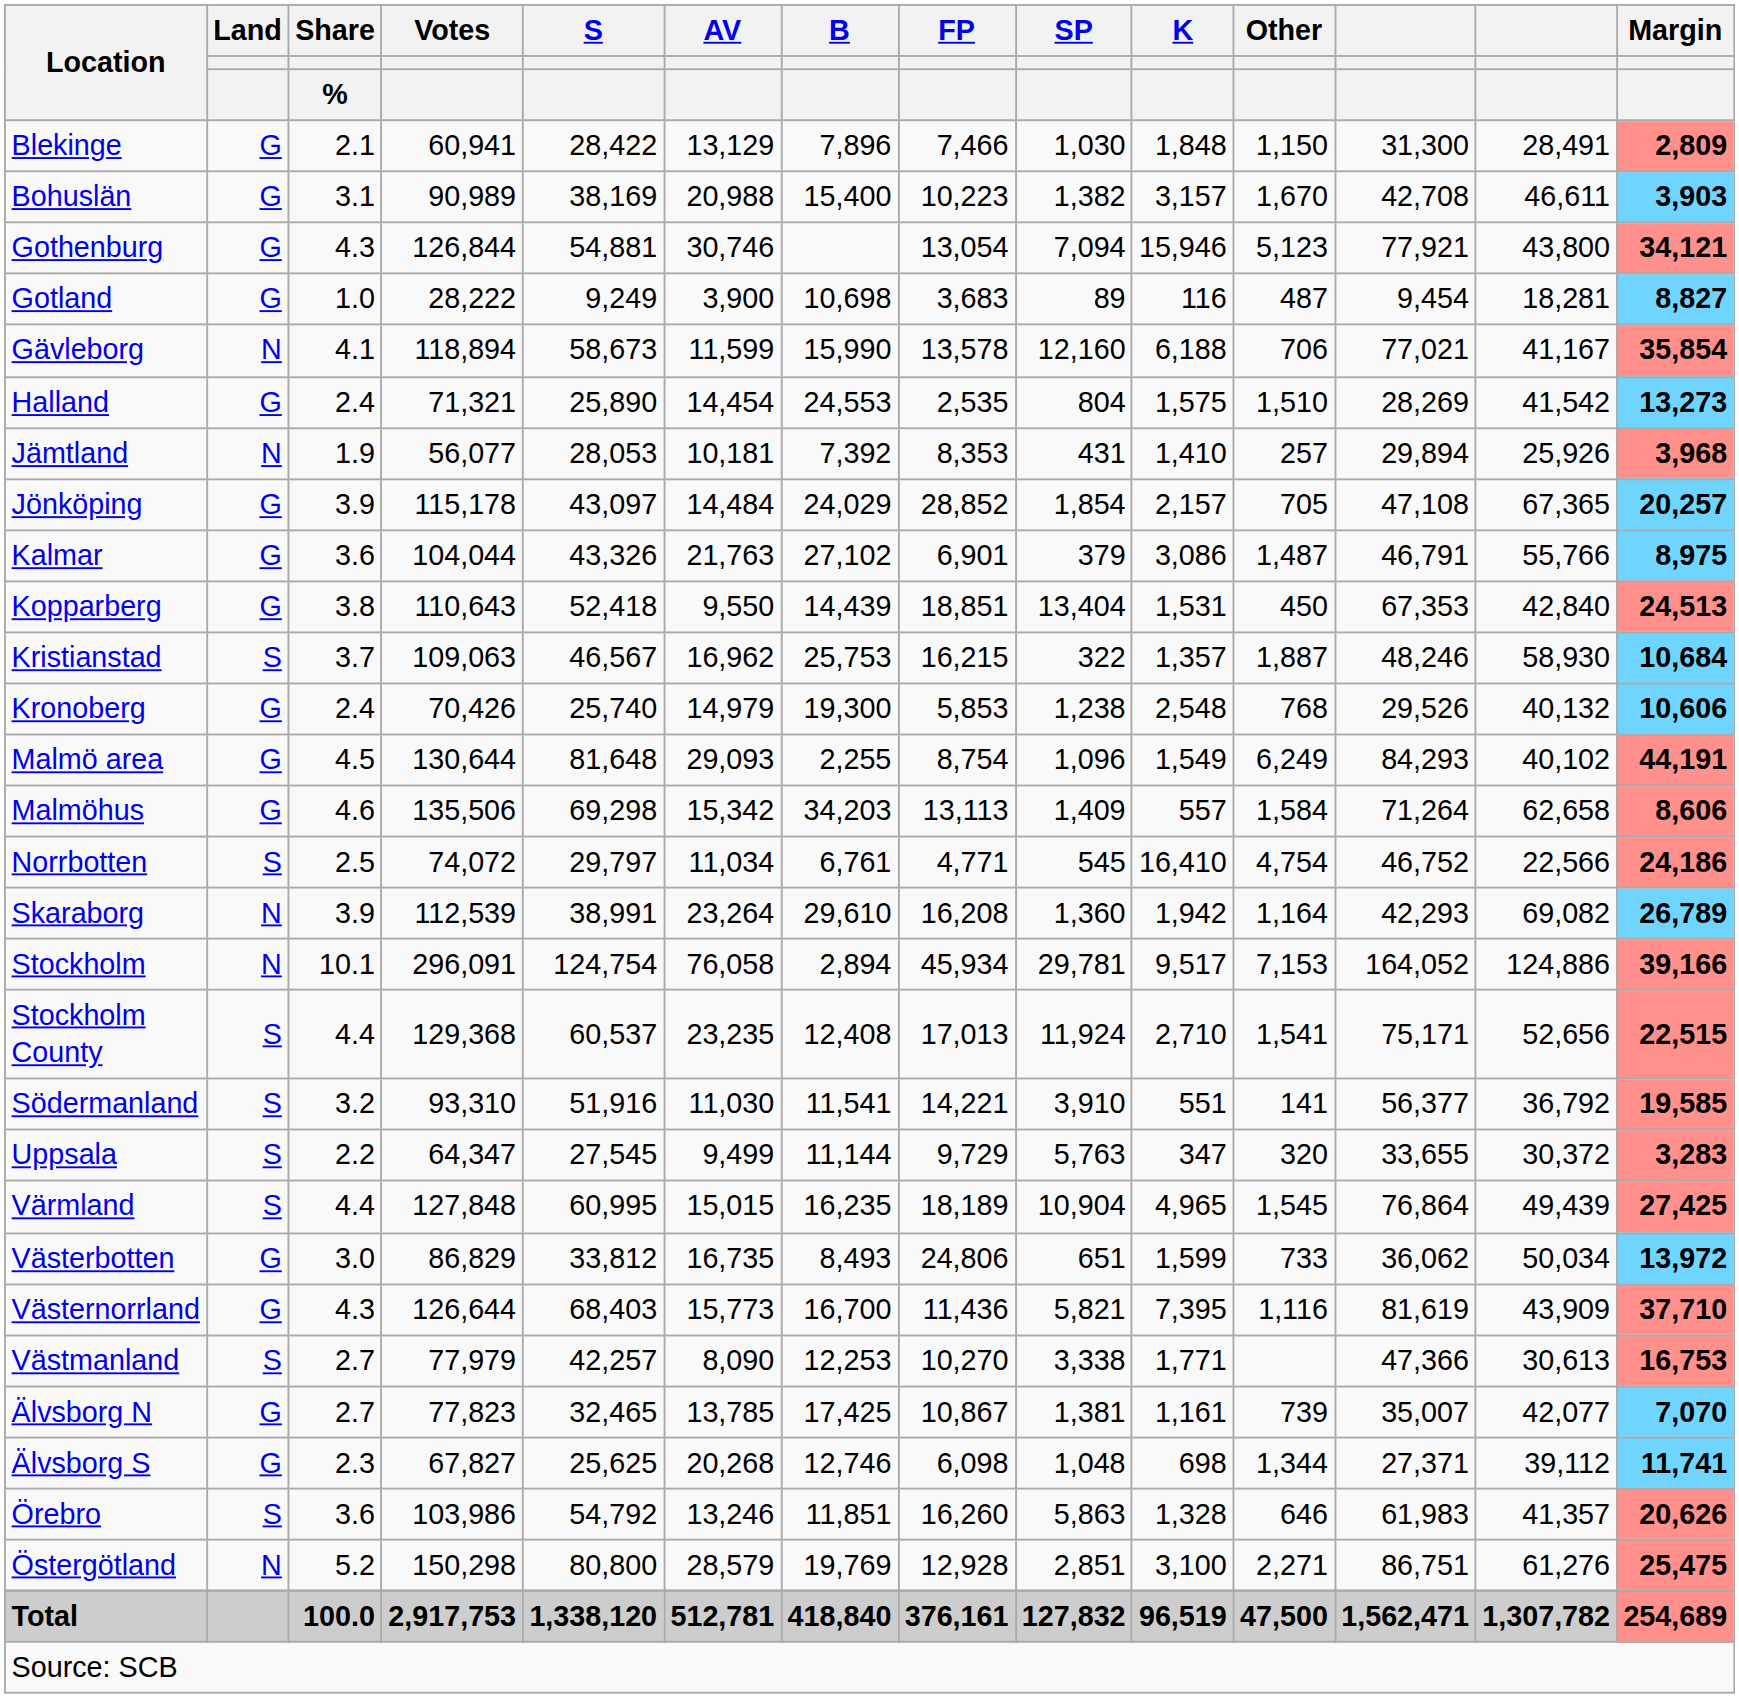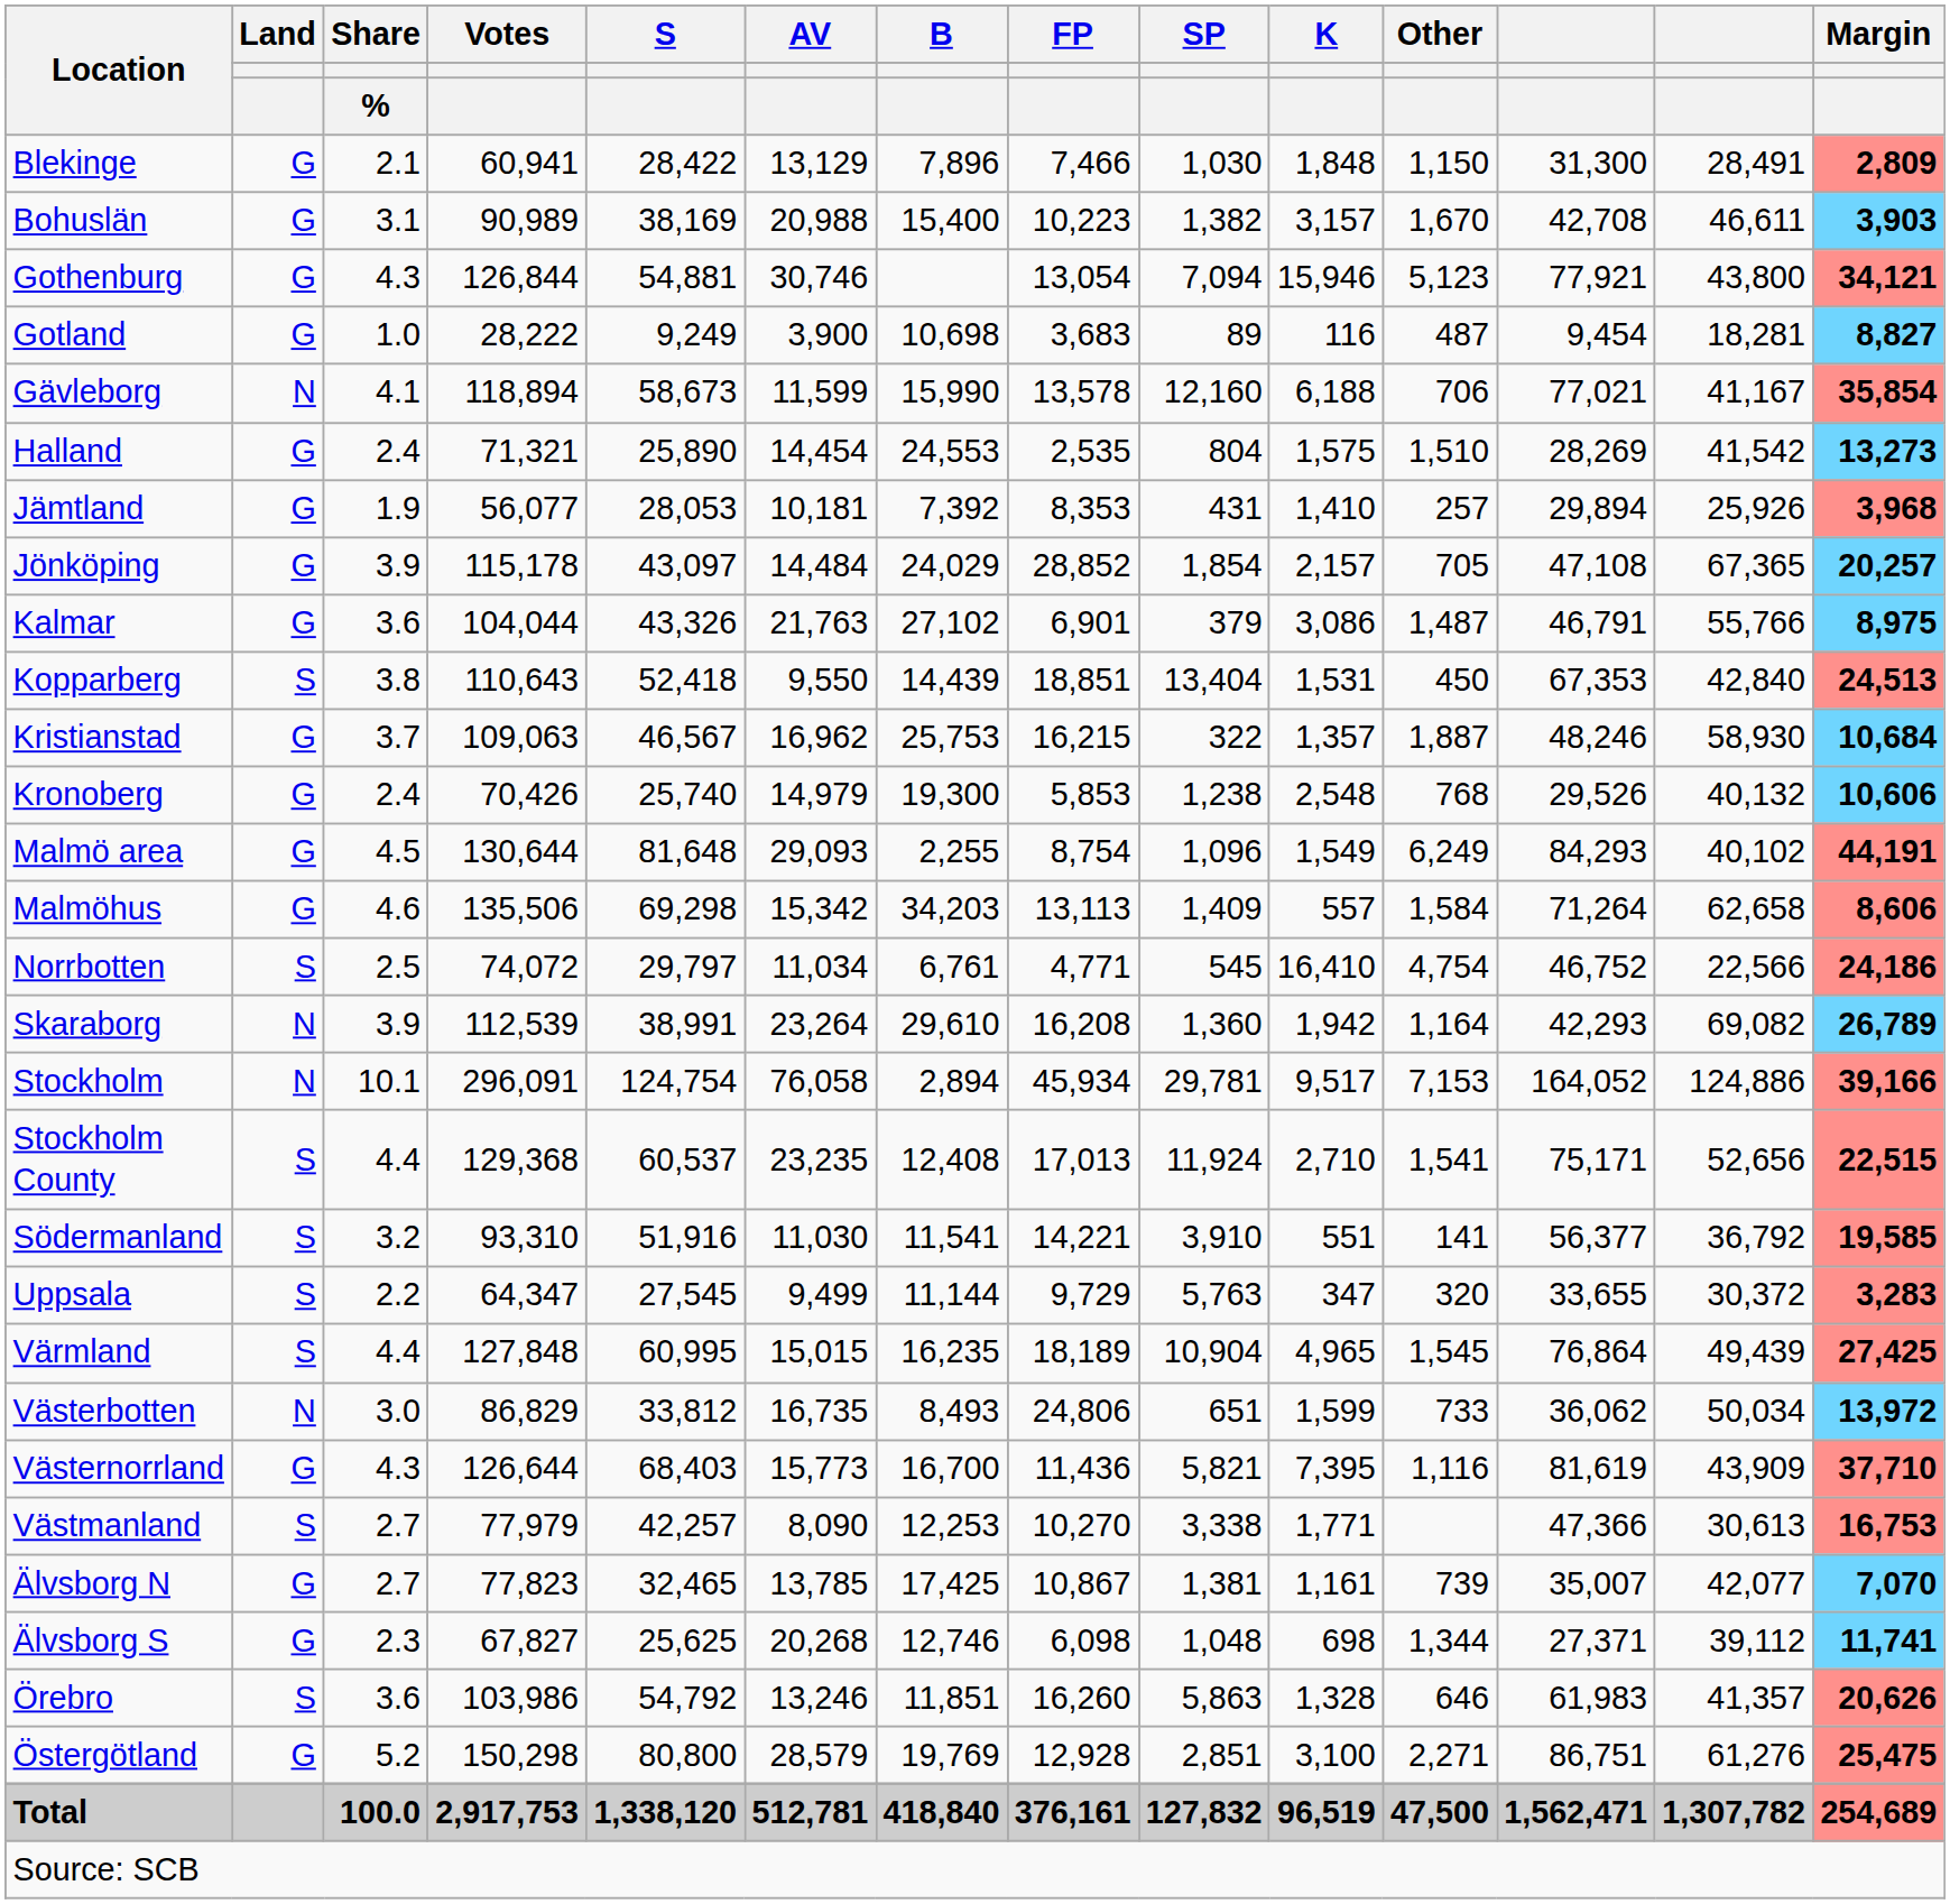 <table class="wikitable sortable" style="text-align:right; font-size:95%; line-height:20px;">
 <tr>
 <th rowspan="3">Location</th>
 <th>Land</th>
 <th>Share</th>
 <th>Votes</th>
 <th width="30px" class="unsortable"><a href='#'>S</a></th>
 <th width="30px" class="unsortable"><a href='#'>AV</a></th>
 <th width="30px" class="unsortable"><a href='#'>B</a></th>
 <th width="30px" class="unsortable"><a href='#'>FP</a></th>
 <th width="30px" class="unsortable"><a href='#'>SP</a></th>
 <th width="30px" class="unsortable"><a href='#'>K</a></th>
 <th width="30px" class="unsortable">Other</th>
 <th></th>
 <th></th>
 <th>Margin</th>
 </tr>
 <tr>
 <th></th>
 <th></th>
 <th></th>
 <th style="background:"></th>
 <th style="background:"></th>
 <th style="background:"></th>
 <th style="background:"></th>
 <th style="background:"></th>
 <th style="background:"></th>
 <th style="background:"></th>
 <th style="background:"></th>
 <th style="background:"></th>
 <th></th>
 </tr>
 <tr>
 <th></th>
 <th data-sort-type="number">%</th>
 <th></th>
 <th data-sort-type="number"></th>
 <th data-sort-type="number"></th>
 <th data-sort-type="number"></th>
 <th data-sort-type="number"></th>
 <th data-sort-type="number"></th>
 <th data-sort-type="number"></th>
 <th data-sort-type="number"></th>
 <th data-sort-type="number"></th>
 <th data-sort-type="number"></th>
 <th></th>
 </tr>
 <tr>
 <td align=left><a href='#'>Blekinge</a></td>
 <td><a href='#'>G</a></td>
 <td>2.1</td>
 <td>60,941</td>
 <td>28,422</td>
 <td>13,129</td>
 <td>7,896</td>
 <td>7,466</td>
 <td>1,030</td>
 <td>1,848</td>
 <td>1,150</td>
 <td>31,300</td>
 <td>28,491</td>
 <td bgcolor=#ff908c><strong>2,809</strong></td>
 </tr>
 <tr>
 <td align=left><a href='#'>Bohuslän</a></td>
 <td><a href='#'>G</a></td>
 <td>3.1</td>
 <td>90,989</td>
 <td>38,169</td>
 <td>20,988</td>
 <td>15,400</td>
 <td>10,223</td>
 <td>1,382</td>
 <td>3,157</td>
 <td>1,670</td>
 <td>42,708</td>
 <td>46,611</td>
 <td bgcolor=#6fd5fe><strong>3,903</strong></td>
 </tr>
 <tr>
 <td align=left><a href='#'>Gothenburg</a></td>
 <td><a href='#'>G</a></td>
 <td>4.3</td>
 <td>126,844</td>
 <td>54,881</td>
 <td>30,746</td>
 <td></td>
 <td>13,054</td>
 <td>7,094</td>
 <td>15,946</td>
 <td>5,123</td>
 <td>77,921</td>
 <td>43,800</td>
 <td bgcolor=#ff908c><strong>34,121</strong></td>
 </tr>
 <tr>
 <td align=left><a href='#'>Gotland</a></td>
 <td><a href='#'>G</a></td>
 <td>1.0</td>
 <td>28,222</td>
 <td>9,249</td>
 <td>3,900</td>
 <td>10,698</td>
 <td>3,683</td>
 <td>89</td>
 <td>116</td>
 <td>487</td>
 <td>9,454</td>
 <td>18,281</td>
 <td bgcolor=#6fd5fe><strong>8,827</strong></td>
 </tr>
 <tr>
 <td align=left><a href='#'>Gävleborg</a></td>
 <td><a href='#'>N</a></td>
 <td>4.1</td>
 <td>118,894</td>
 <td>58,673</td>
 <td>11,599</td>
 <td>15,990</td>
 <td>13,578</td>
 <td>12,160</td>
 <td>6,188</td>
 <td>706</td>
 <td>77,021</td>
 <td>41,167</td>
 <td bgcolor=#ff908c><strong>35,854</strong></td>
 </tr>
 <tr>
 <td align=left><a href='#'>Halland</a></td>
 <td><a href='#'>G</a></td>
 <td>2.4</td>
 <td>71,321</td>
 <td>25,890</td>
 <td>14,454</td>
 <td>24,553</td>
 <td>2,535</td>
 <td>804</td>
 <td>1,575</td>
 <td>1,510</td>
 <td>28,269</td>
 <td>41,542</td>
 <td bgcolor=#6fd5fe><strong>13,273</strong></td>
 </tr>
 <tr>
 <td align=left><a href='#'>Jämtland</a></td>
-<td><a href='#'>N</a></td>
+<td><a href='#'>G</a></td>
 <td>1.9</td>
 <td>56,077</td>
 <td>28,053</td>
 <td>10,181</td>
 <td>7,392</td>
 <td>8,353</td>
 <td>431</td>
 <td>1,410</td>
 <td>257</td>
 <td>29,894</td>
 <td>25,926</td>
 <td bgcolor=#ff908c><strong>3,968</strong></td>
 </tr>
 <tr>
 <td align=left><a href='#'>Jönköping</a></td>
 <td><a href='#'>G</a></td>
 <td>3.9</td>
 <td>115,178</td>
 <td>43,097</td>
 <td>14,484</td>
 <td>24,029</td>
 <td>28,852</td>
 <td>1,854</td>
 <td>2,157</td>
 <td>705</td>
 <td>47,108</td>
 <td>67,365</td>
 <td bgcolor=#6fd5fe><strong>20,257</strong></td>
 </tr>
 <tr>
 <td align=left><a href='#'>Kalmar</a></td>
 <td><a href='#'>G</a></td>
 <td>3.6</td>
 <td>104,044</td>
 <td>43,326</td>
 <td>21,763</td>
 <td>27,102</td>
 <td>6,901</td>
 <td>379</td>
 <td>3,086</td>
 <td>1,487</td>
 <td>46,791</td>
 <td>55,766</td>
 <td bgcolor=#6fd5fe><strong>8,975</strong></td>
 </tr>
 <tr>
 <td align=left><a href='#'>Kopparberg</a></td>
-<td><a href='#'>G</a></td>
+<td><a href='#'>S</a></td>
 <td>3.8</td>
 <td>110,643</td>
 <td>52,418</td>
 <td>9,550</td>
 <td>14,439</td>
 <td>18,851</td>
 <td>13,404</td>
 <td>1,531</td>
 <td>450</td>
 <td>67,353</td>
 <td>42,840</td>
 <td bgcolor=#ff908c><strong>24,513</strong></td>
 </tr>
 <tr>
 <td align=left><a href='#'>Kristianstad</a></td>
-<td><a href='#'>S</a></td>
+<td><a href='#'>G</a></td>
 <td>3.7</td>
 <td>109,063</td>
 <td>46,567</td>
 <td>16,962</td>
 <td>25,753</td>
 <td>16,215</td>
 <td>322</td>
 <td>1,357</td>
 <td>1,887</td>
 <td>48,246</td>
 <td>58,930</td>
 <td bgcolor=#6fd5fe><strong>10,684</strong></td>
 </tr>
 <tr>
 <td align=left><a href='#'>Kronoberg</a></td>
 <td><a href='#'>G</a></td>
 <td>2.4</td>
 <td>70,426</td>
 <td>25,740</td>
 <td>14,979</td>
 <td>19,300</td>
 <td>5,853</td>
 <td>1,238</td>
 <td>2,548</td>
 <td>768</td>
 <td>29,526</td>
 <td>40,132</td>
 <td bgcolor=#6fd5fe><strong>10,606</strong></td>
 </tr>
 <tr>
 <td align=left><a href='#'>Malmö area</a></td>
 <td><a href='#'>G</a></td>
 <td>4.5</td>
 <td>130,644</td>
 <td>81,648</td>
 <td>29,093</td>
 <td>2,255</td>
 <td>8,754</td>
 <td>1,096</td>
 <td>1,549</td>
 <td>6,249</td>
 <td>84,293</td>
 <td>40,102</td>
 <td bgcolor=#ff908c><strong>44,191</strong></td>
 </tr>
 <tr>
 <td align=left><a href='#'>Malmöhus</a></td>
 <td><a href='#'>G</a></td>
 <td>4.6</td>
 <td>135,506</td>
 <td>69,298</td>
 <td>15,342</td>
 <td>34,203</td>
 <td>13,113</td>
 <td>1,409</td>
 <td>557</td>
 <td>1,584</td>
 <td>71,264</td>
 <td>62,658</td>
 <td bgcolor=#ff908c><strong>8,606</strong></td>
 </tr>
 <tr>
 <td align=left><a href='#'>Norrbotten</a></td>
 <td><a href='#'>S</a></td>
 <td>2.5</td>
 <td>74,072</td>
 <td>29,797</td>
 <td>11,034</td>
 <td>6,761</td>
 <td>4,771</td>
 <td>545</td>
 <td>16,410</td>
 <td>4,754</td>
 <td>46,752</td>
 <td>22,566</td>
 <td bgcolor=#ff908c><strong>24,186</strong></td>
 </tr>
 <tr>
 <td align=left><a href='#'>Skaraborg</a></td>
 <td><a href='#'>N</a></td>
 <td>3.9</td>
 <td>112,539</td>
 <td>38,991</td>
 <td>23,264</td>
 <td>29,610</td>
 <td>16,208</td>
 <td>1,360</td>
 <td>1,942</td>
 <td>1,164</td>
 <td>42,293</td>
 <td>69,082</td>
 <td bgcolor=#6fd5fe><strong>26,789</strong></td>
 </tr>
 <tr>
 <td align=left><a href='#'>Stockholm</a></td>
 <td><a href='#'>N</a></td>
 <td>10.1</td>
 <td>296,091</td>
 <td>124,754</td>
 <td>76,058</td>
 <td>2,894</td>
 <td>45,934</td>
 <td>29,781</td>
 <td>9,517</td>
 <td>7,153</td>
 <td>164,052</td>
 <td>124,886</td>
 <td bgcolor=#ff908c><strong>39,166</strong></td>
 </tr>
 <tr>
 <td align=left><a href='#'>Stockholm County</a></td>
 <td><a href='#'>S</a></td>
 <td>4.4</td>
 <td>129,368</td>
 <td>60,537</td>
 <td>23,235</td>
 <td>12,408</td>
 <td>17,013</td>
 <td>11,924</td>
 <td>2,710</td>
 <td>1,541</td>
 <td>75,171</td>
 <td>52,656</td>
 <td bgcolor=#ff908c><strong>22,515</strong></td>
 </tr>
 <tr>
 <td align=left><a href='#'>Södermanland</a></td>
 <td><a href='#'>S</a></td>
 <td>3.2</td>
 <td>93,310</td>
 <td>51,916</td>
 <td>11,030</td>
 <td>11,541</td>
 <td>14,221</td>
 <td>3,910</td>
 <td>551</td>
 <td>141</td>
 <td>56,377</td>
 <td>36,792</td>
 <td bgcolor=#ff908c><strong>19,585</strong></td>
 </tr>
 <tr>
 <td align=left><a href='#'>Uppsala</a></td>
 <td><a href='#'>S</a></td>
 <td>2.2</td>
 <td>64,347</td>
 <td>27,545</td>
 <td>9,499</td>
 <td>11,144</td>
 <td>9,729</td>
 <td>5,763</td>
 <td>347</td>
 <td>320</td>
 <td>33,655</td>
 <td>30,372</td>
 <td bgcolor=#ff908c><strong>3,283</strong></td>
 </tr>
 <tr>
 <td align=left><a href='#'>Värmland</a></td>
 <td><a href='#'>S</a></td>
 <td>4.4</td>
 <td>127,848</td>
 <td>60,995</td>
 <td>15,015</td>
 <td>16,235</td>
 <td>18,189</td>
 <td>10,904</td>
 <td>4,965</td>
 <td>1,545</td>
 <td>76,864</td>
 <td>49,439</td>
 <td bgcolor=#ff908c><strong>27,425</strong></td>
 </tr>
 <tr>
 <td align=left><a href='#'>Västerbotten</a></td>
-<td><a href='#'>G</a></td>
+<td><a href='#'>N</a></td>
 <td>3.0</td>
 <td>86,829</td>
 <td>33,812</td>
 <td>16,735</td>
 <td>8,493</td>
 <td>24,806</td>
 <td>651</td>
 <td>1,599</td>
 <td>733</td>
 <td>36,062</td>
 <td>50,034</td>
 <td bgcolor=#6fd5fe><strong>13,972</strong></td>
 </tr>
 <tr>
 <td align=left><a href='#'>Västernorrland</a></td>
 <td><a href='#'>G</a></td>
 <td>4.3</td>
 <td>126,644</td>
 <td>68,403</td>
 <td>15,773</td>
 <td>16,700</td>
 <td>11,436</td>
 <td>5,821</td>
 <td>7,395</td>
 <td>1,116</td>
 <td>81,619</td>
 <td>43,909</td>
 <td bgcolor=#ff908c><strong>37,710</strong></td>
 </tr>
 <tr>
 <td align=left><a href='#'>Västmanland</a></td>
 <td><a href='#'>S</a></td>
 <td>2.7</td>
 <td>77,979</td>
 <td>42,257</td>
 <td>8,090</td>
 <td>12,253</td>
 <td>10,270</td>
 <td>3,338</td>
 <td>1,771</td>
 <td></td>
 <td>47,366</td>
 <td>30,613</td>
 <td bgcolor=#ff908c><strong>16,753</strong></td>
 </tr>
 <tr>
 <td align=left><a href='#'>Älvsborg N</a></td>
 <td><a href='#'>G</a></td>
 <td>2.7</td>
 <td>77,823</td>
 <td>32,465</td>
 <td>13,785</td>
 <td>17,425</td>
 <td>10,867</td>
 <td>1,381</td>
 <td>1,161</td>
 <td>739</td>
 <td>35,007</td>
 <td>42,077</td>
 <td bgcolor=#6fd5fe><strong>7,070</strong></td>
 </tr>
 <tr>
 <td align=left><a href='#'>Älvsborg S</a></td>
 <td><a href='#'>G</a></td>
 <td>2.3</td>
 <td>67,827</td>
 <td>25,625</td>
 <td>20,268</td>
 <td>12,746</td>
 <td>6,098</td>
 <td>1,048</td>
 <td>698</td>
 <td>1,344</td>
 <td>27,371</td>
 <td>39,112</td>
 <td bgcolor=#6fd5fe><strong>11,741</strong></td>
 </tr>
 <tr>
 <td align=left><a href='#'>Örebro</a></td>
 <td><a href='#'>S</a></td>
 <td>3.6</td>
 <td>103,986</td>
 <td>54,792</td>
 <td>13,246</td>
 <td>11,851</td>
 <td>16,260</td>
 <td>5,863</td>
 <td>1,328</td>
 <td>646</td>
 <td>61,983</td>
 <td>41,357</td>
 <td bgcolor=#ff908c><strong>20,626</strong></td>
 </tr>
 <tr>
 <td align=left><a href='#'>Östergötland</a></td>
-<td><a href='#'>N</a></td>
+<td><a href='#'>G</a></td>
 <td>5.2</td>
 <td>150,298</td>
 <td>80,800</td>
 <td>28,579</td>
 <td>19,769</td>
 <td>12,928</td>
 <td>2,851</td>
 <td>3,100</td>
 <td>2,271</td>
 <td>86,751</td>
 <td>61,276</td>
 <td bgcolor=#ff908c><strong>25,475</strong></td>
 </tr>
 <tr>
 </tr>
 <tr style="background:#CDCDCD;">
 <td align=left><strong>Total</strong></td>
 <td></td>
 <td><strong>100.0</strong></td>
 <td><strong>2,917,753</strong></td>
 <td><strong>1,338,120</strong></td>
 <td><strong>512,781</strong></td>
 <td><strong>418,840</strong></td>
 <td><strong>376,161</strong></td>
 <td><strong>127,832</strong></td>
 <td><strong>96,519</strong></td>
 <td><strong>47,500</strong></td>
 <td><strong>1,562,471</strong></td>
 <td><strong>1,307,782</strong></td>
 <td bgcolor=#ff908c><strong>254,689</strong></td>
 </tr>
 <tr>
 <td align=left colspan=14>Source: SCB </td>
 </tr>
 </table>
